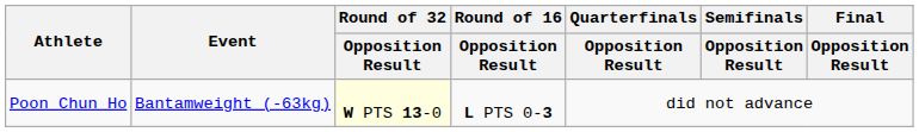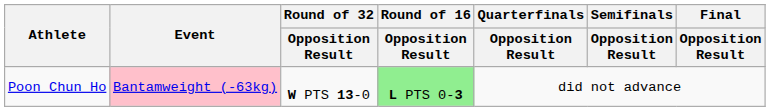 <table class="wikitable" style="font-size:90%">
 <tr>
 <th rowspan=2>Athlete</th>
 <th rowspan=2>Event</th>
 <th>Round of 32</th>
 <th>Round of 16</th>
 <th>Quarterfinals</th>
 <th>Semifinals</th>
 <th>Final</th>
 </tr>
 <tr>
 <th>Opposition<br>Result</th>
 <th>Opposition<br>Result</th>
 <th>Opposition<br>Result</th>
 <th>Opposition<br>Result</th>
 <th>Opposition<br>Result</th>
 </tr>
 <tr>
 <td><a href='#'>Poon Chun Ho</a></td>
-<td><a href='#'>Bantamweight (-63kg)</a></td>
-<td align=center style="background: lightyellow;"><br><strong>W</strong> PTS <strong>13</strong>-0</td>
-<td align=center><br><strong>L</strong> PTS 0-<strong>3</strong></td>
+<td style="background: pink;"><a href='#'>Bantamweight (-63kg)</a></td>
+<td align=center><br><strong>W</strong> PTS <strong>13</strong>-0</td>
+<td align=center style="background: lightgreen;"><br><strong>L</strong> PTS 0-<strong>3</strong></td>
 <td align=center colspan="7">did not advance</td>
 </tr>
 </table>
